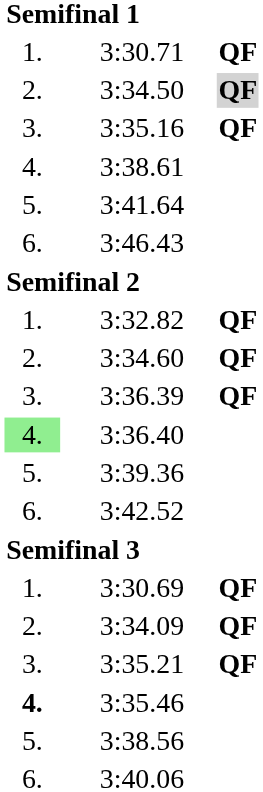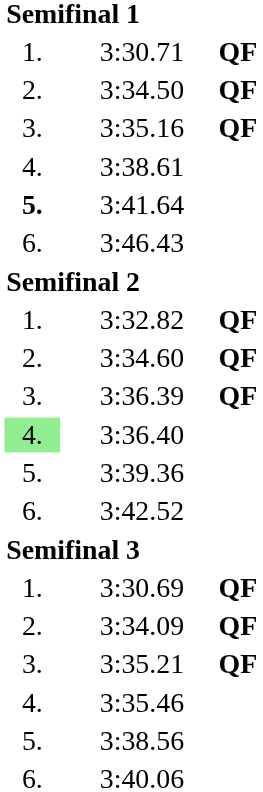 <table style="text-align:center">
 <tr>
 <td colspan=4 align=left><strong>Semifinal 1</strong></td>
 </tr>
 <tr>
 <td width=30>1.</td>
 <td align=left></td>
 <td width=80>3:30.71</td>
 <td><strong>QF</strong></td>
 </tr>
 <tr>
 <td>2.</td>
 <td align=left></td>
 <td>3:34.50</td>
-<td style="background: lightgrey;"><strong>QF</strong></td>
+<td><strong>QF</strong></td>
 </tr>
 <tr>
 <td>3.</td>
 <td align=left></td>
 <td>3:35.16</td>
 <td><strong>QF</strong></td>
 </tr>
 <tr>
 <td>4.</td>
 <td align=left></td>
 <td>3:38.61</td>
 <td></td>
 </tr>
 <tr>
-<td>5.</td>
+<td><strong>5.</strong></td>
 <td align=left></td>
 <td>3:41.64</td>
 <td></td>
 </tr>
 <tr>
 <td>6.</td>
 <td align=left></td>
 <td>3:46.43</td>
 <td></td>
 </tr>
 <tr>
 <td colspan=4 align=left><strong>Semifinal 2</strong></td>
 </tr>
 <tr>
 <td>1.</td>
 <td align=left></td>
 <td>3:32.82</td>
 <td><strong>QF</strong></td>
 </tr>
 <tr>
 <td>2.</td>
 <td align=left></td>
 <td>3:34.60</td>
 <td><strong>QF</strong></td>
 </tr>
 <tr>
 <td>3.</td>
 <td align=left></td>
 <td>3:36.39</td>
 <td><strong>QF</strong></td>
 </tr>
 <tr>
 <td style="background: lightgreen;">4.</td>
 <td align=left></td>
 <td>3:36.40</td>
 <td></td>
 </tr>
 <tr>
 <td>5.</td>
 <td align=left></td>
 <td>3:39.36</td>
 <td></td>
 </tr>
 <tr>
 <td>6.</td>
 <td align=left></td>
 <td>3:42.52</td>
 <td></td>
 </tr>
 <tr>
 <td colspan=4 align=left><strong>Semifinal 3</strong></td>
 </tr>
 <tr>
 <td>1.</td>
 <td align=left></td>
 <td>3:30.69</td>
 <td><strong>QF</strong></td>
 </tr>
 <tr>
 <td>2.</td>
 <td align=left></td>
 <td>3:34.09</td>
 <td><strong>QF</strong></td>
 </tr>
 <tr>
 <td>3.</td>
 <td align=left></td>
 <td>3:35.21</td>
 <td><strong>QF</strong></td>
 </tr>
 <tr>
-<td><strong>4.</strong></td>
+<td>4.</td>
 <td align=left></td>
 <td>3:35.46</td>
 <td></td>
 </tr>
 <tr>
 <td>5.</td>
 <td align=left></td>
 <td>3:38.56</td>
 <td></td>
 </tr>
 <tr>
 <td>6.</td>
 <td align=left></td>
 <td>3:40.06</td>
 <td></td>
 </tr>
 </table>
